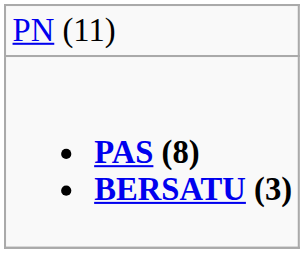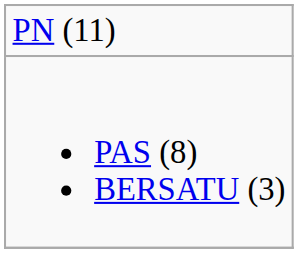 <table class="wikitable">
 <tr>
 <td> <a href='#'>PN</a> (11)</td>
 </tr>
 <tr>
-<td><strong><br><ul><li> <a href='#'>PAS</a> (8)</li><li> <a href='#'>BERSATU</a> (3)</li></ul></strong></td>
+<td><br><ul><li> <a href='#'>PAS</a> (8)</li><li> <a href='#'>BERSATU</a> (3)</li></ul></td>
 </tr>
 <tr>
 </tr>
 </table>
